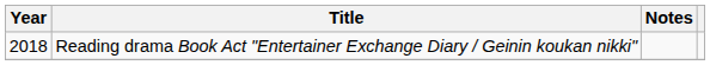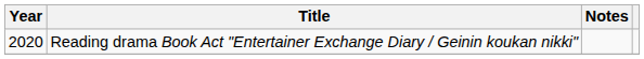 <table class="wikitable">
 <tr>
 <th>Year</th>
 <th>Title</th>
 <th>Notes</th>
 <th></th>
 </tr>
 <tr>
-<td>2018</td>
+<td>2020</td>
 <td>Reading drama <em>Book Act "Entertainer Exchange Diary / Geinin koukan nikki"</em></td>
 <td></td>
 <td></td>
 </tr>
 <tr>
 </tr>
 </table>
